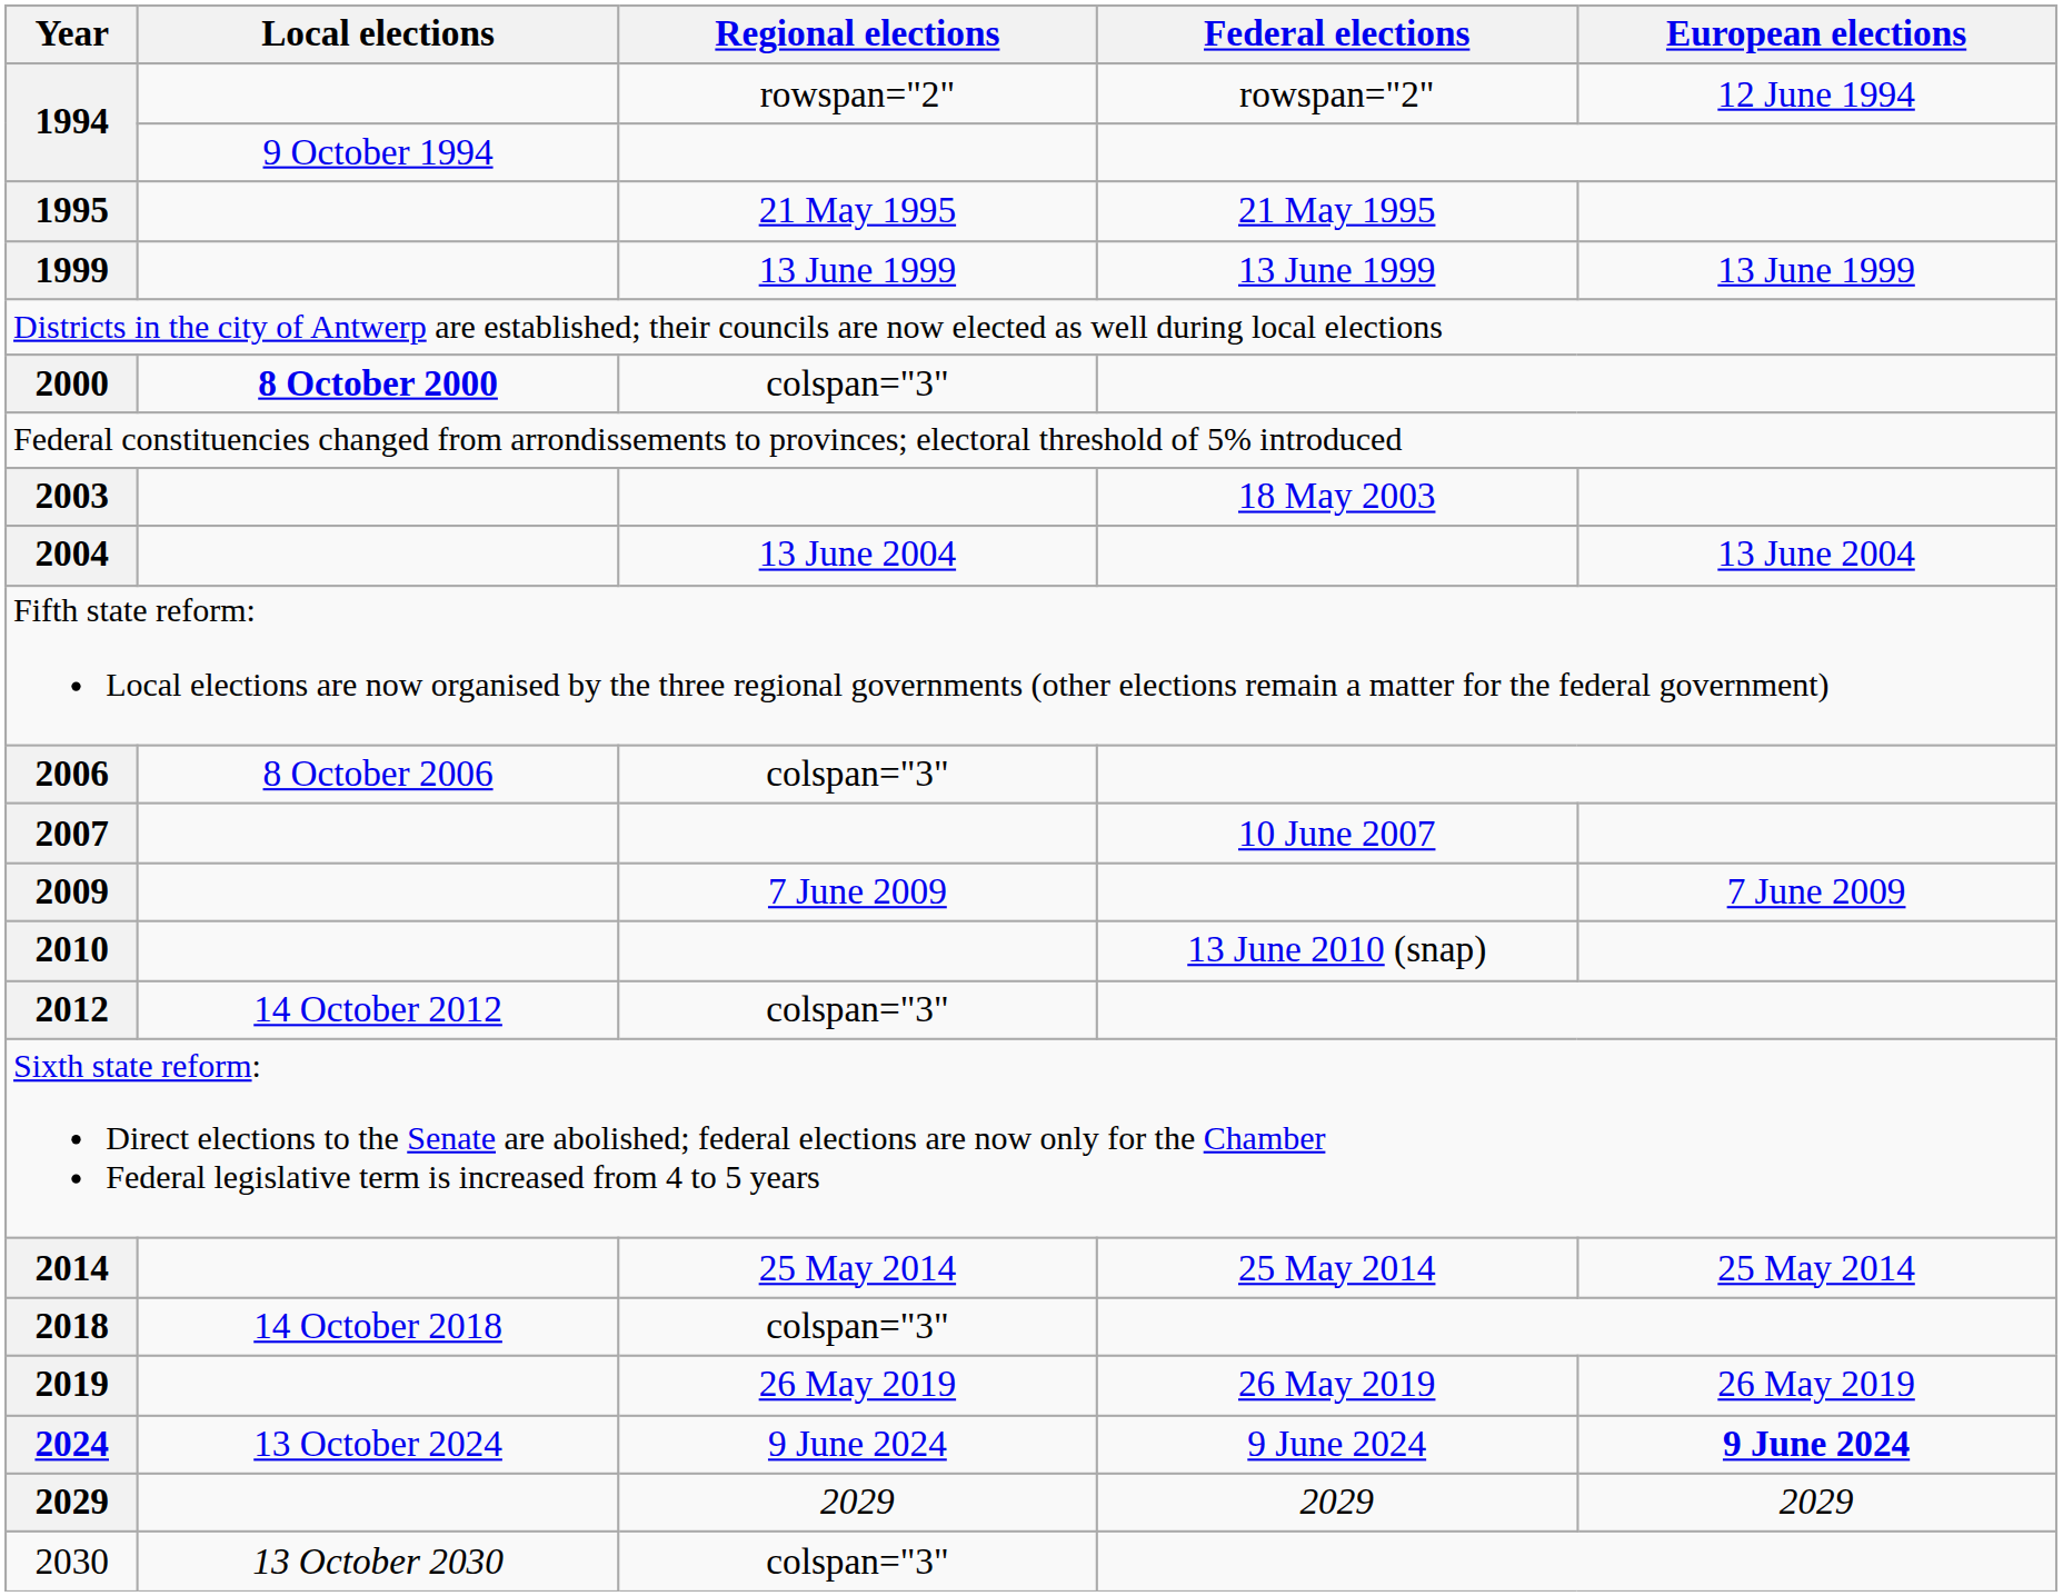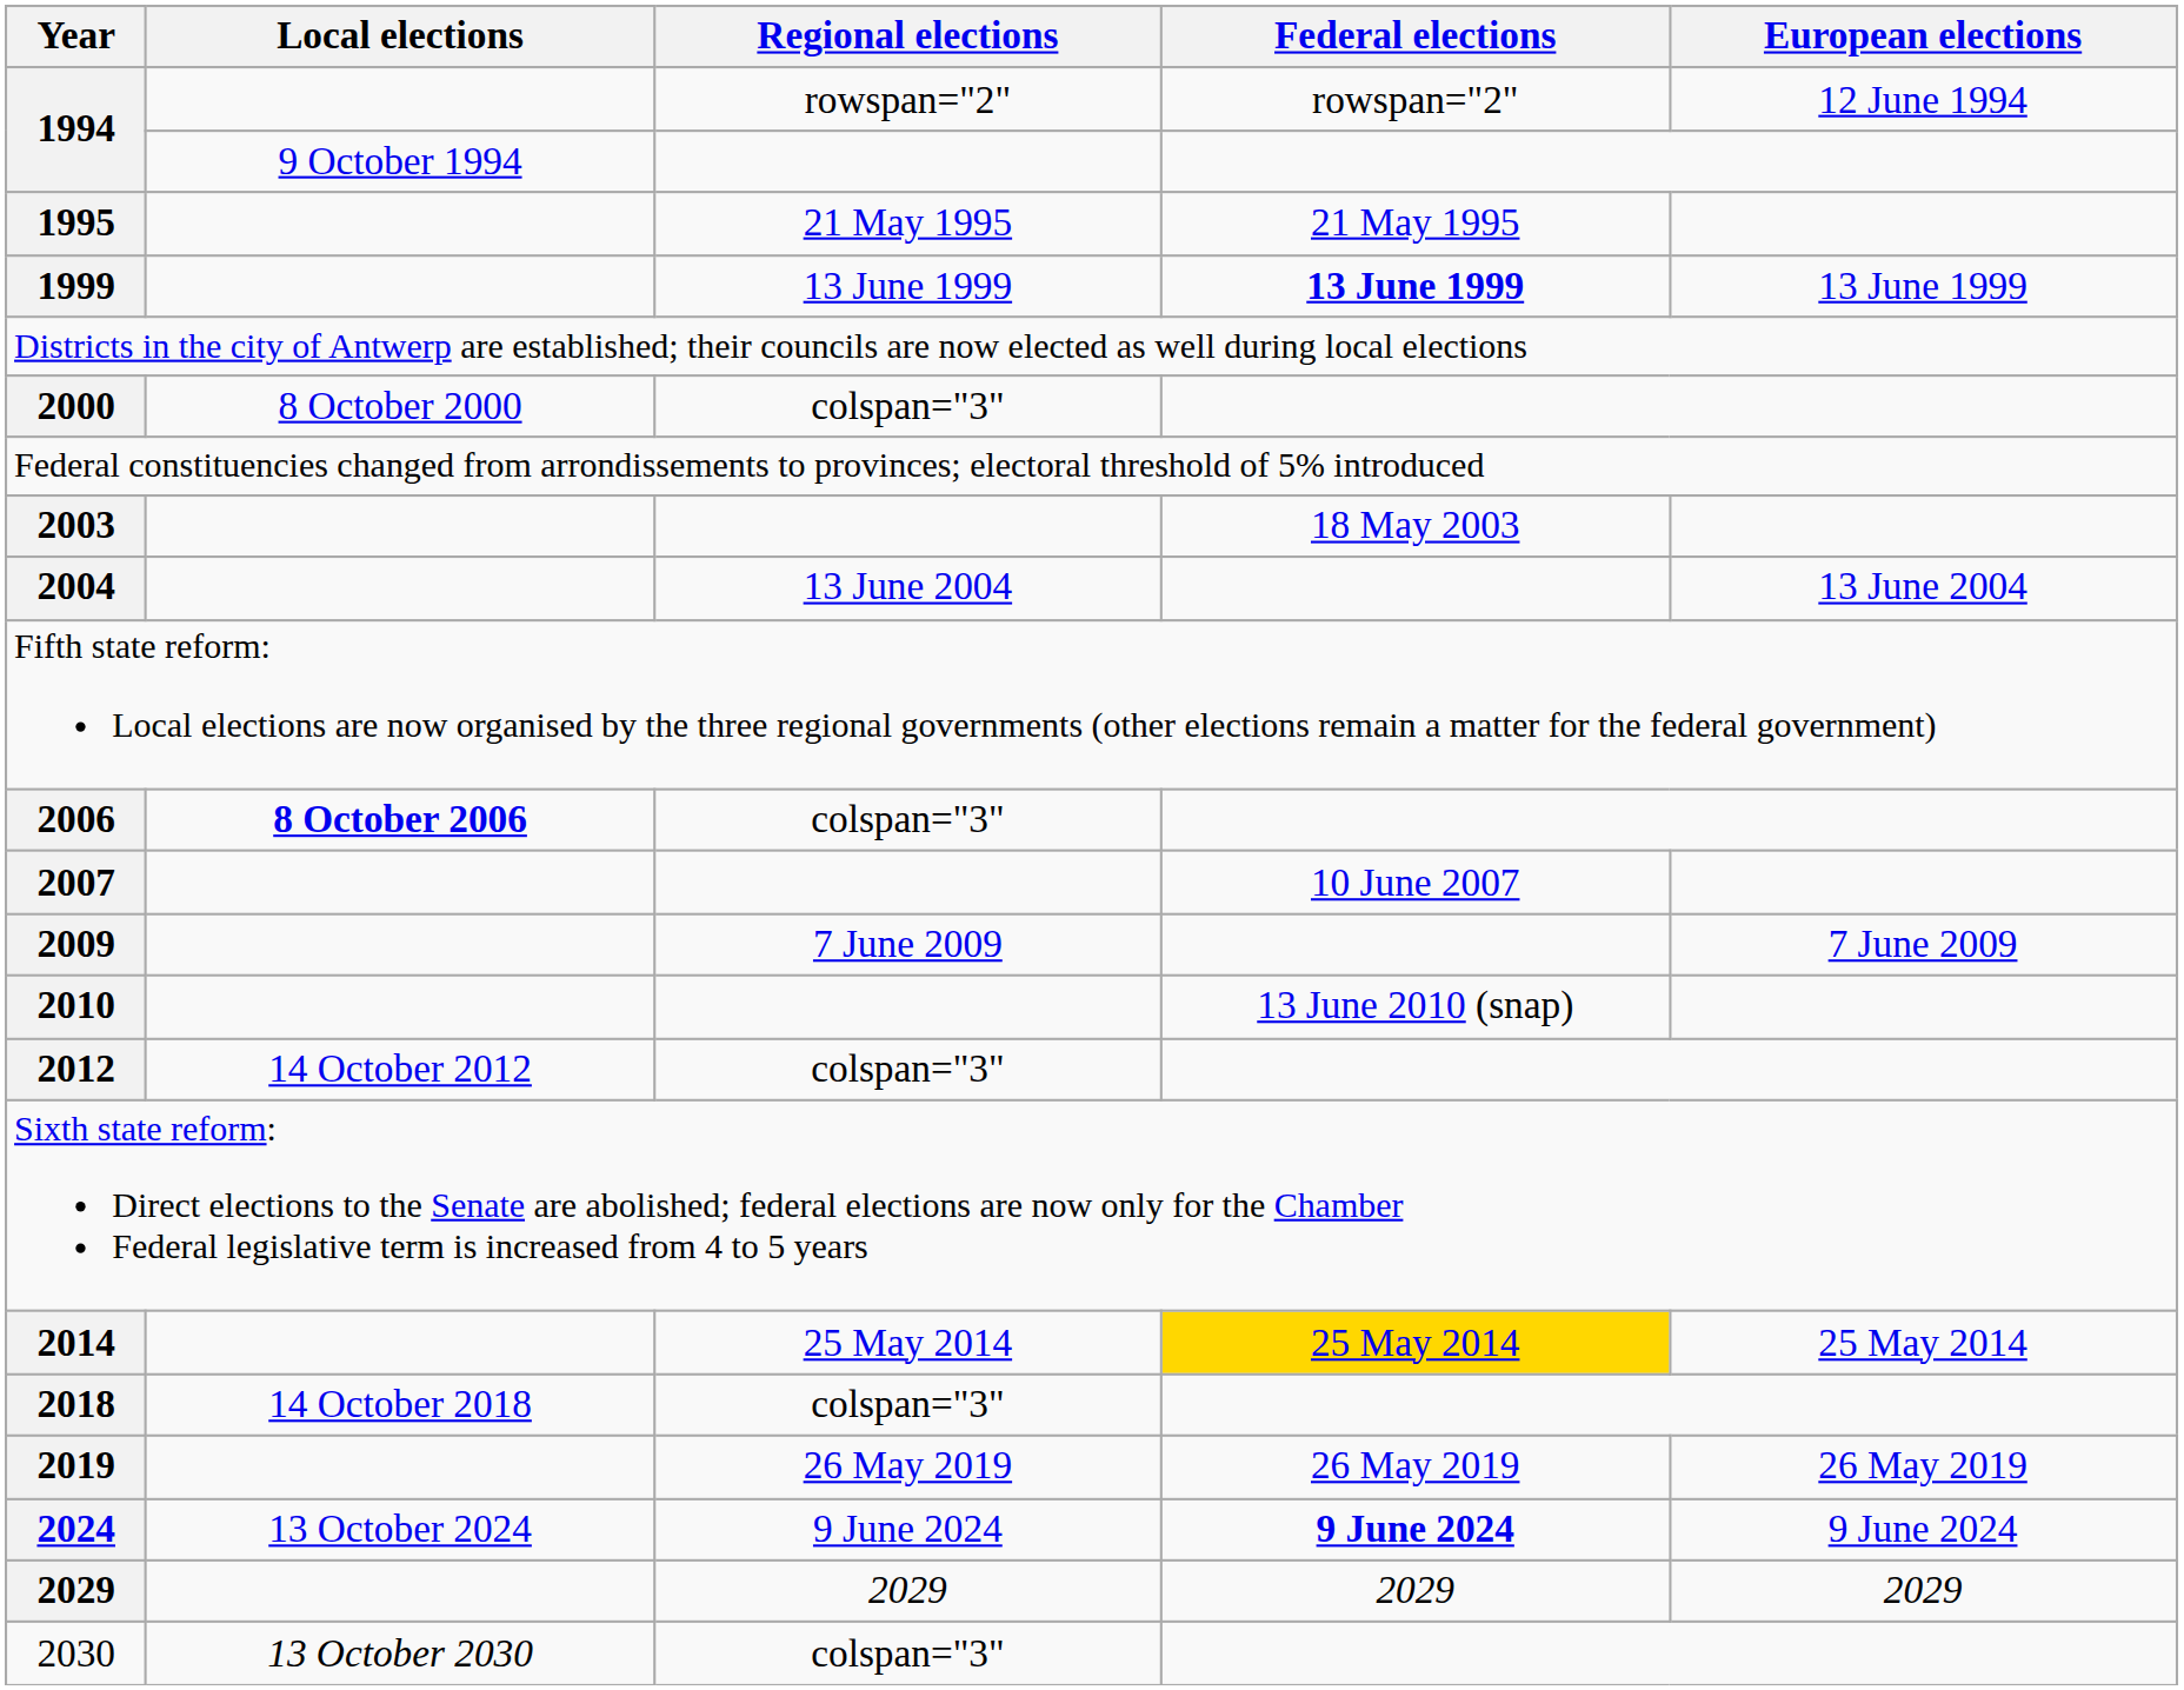 <table class="wikitable" style="text-align:center;">
 <tr>
 <th style="width:50px;">Year</th>
 <th style="width:200px;">Local elections</th>
 <th style="width:200px;"><a href='#'>Regional elections</a></th>
 <th style="width:200px;"><a href='#'>Federal elections</a></th>
 <th style="width:200px;"><a href='#'>European elections</a></th>
 </tr>
 <tr>
 <th rowspan="2">1994</th>
 <td></td>
 <td>rowspan="2" </td>
 <td>rowspan="2" </td>
 <td><a href='#'>12 June 1994</a></td>
 </tr>
 <tr>
 <td><a href='#'>9 October 1994</a></td>
 <td></td>
 </tr>
 <tr>
 <th>1995</th>
 <td></td>
 <td><a href='#'>21 May 1995</a></td>
 <td><a href='#'>21 May 1995</a></td>
 <td></td>
 </tr>
 <tr>
 <th>1999</th>
 <td></td>
 <td><a href='#'>13 June 1999</a></td>
-<td><a href='#'>13 June 1999</a></td>
+<td><strong><a href='#'>13 June 1999</a></strong></td>
 <td><a href='#'>13 June 1999</a></td>
 </tr>
 <tr>
 <td colspan="5" style="text-align:left;font-size:90%;"><a href='#'>Districts in the city of Antwerp</a> are established; their councils are now elected as well during local elections</td>
 </tr>
 <tr>
 <th>2000</th>
-<td><strong><a href='#'>8 October 2000</a></strong></td>
+<td><a href='#'>8 October 2000</a></td>
 <td>colspan="3" </td>
 </tr>
 <tr>
 <td colspan="5" style="text-align:left;font-size:90%;">Federal constituencies changed from arrondissements to provinces; electoral threshold of 5% introduced</td>
 </tr>
 <tr>
 <th>2003</th>
 <td></td>
 <td></td>
 <td><a href='#'>18 May 2003</a></td>
 <td></td>
 </tr>
 <tr>
 <th>2004</th>
 <td></td>
 <td><a href='#'>13 June 2004</a></td>
 <td></td>
 <td><a href='#'>13 June 2004</a></td>
 </tr>
 <tr>
 <td colspan="5" style="text-align:left;font-size:90%;">Fifth state reform:<br><ul><li>Local elections are now organised by the three regional governments (other elections remain a matter for the federal government)</li></ul></td>
 </tr>
 <tr>
 <th>2006</th>
-<td><a href='#'>8 October 2006</a></td>
+<td><strong><a href='#'>8 October 2006</a></strong></td>
 <td>colspan="3" </td>
 </tr>
 <tr>
 <th>2007</th>
 <td></td>
 <td></td>
 <td><a href='#'>10 June 2007</a></td>
 <td></td>
 </tr>
 <tr>
 <th>2009</th>
 <td></td>
 <td><a href='#'>7 June 2009</a></td>
 <td></td>
 <td><a href='#'>7 June 2009</a></td>
 </tr>
 <tr>
 <th>2010</th>
 <td></td>
 <td></td>
 <td><a href='#'>13 June 2010</a> (snap)</td>
 <td></td>
 </tr>
 <tr>
 <th>2012</th>
 <td><a href='#'>14 October 2012</a></td>
 <td>colspan="3" </td>
 </tr>
 <tr>
 <td colspan="5" style="text-align:left;font-size:90%;"><a href='#'>Sixth state reform</a>:<br><ul><li>Direct elections to the <a href='#'>Senate</a> are abolished; federal elections are now only for the <a href='#'>Chamber</a></li><li>Federal legislative term is increased from 4 to 5 years</li></ul></td>
 </tr>
 <tr>
 <th>2014</th>
 <td></td>
 <td><a href='#'>25 May 2014</a></td>
-<td><a href='#'>25 May 2014</a></td>
+<td style="background: gold;"><a href='#'>25 May 2014</a></td>
 <td><a href='#'>25 May 2014</a></td>
 </tr>
 <tr>
 <th>2018</th>
 <td><a href='#'>14 October 2018</a></td>
 <td>colspan="3" </td>
 </tr>
 <tr>
 <th>2019</th>
 <td></td>
 <td><a href='#'>26 May 2019</a></td>
 <td><a href='#'>26 May 2019</a></td>
 <td><a href='#'>26 May 2019</a></td>
 </tr>
 <tr>
 <th><a href='#'>2024</a></th>
 <td><a href='#'>13 October 2024</a></td>
 <td><a href='#'>9 June 2024</a></td>
+<td><strong><a href='#'>9 June 2024</a></strong></td>
 <td><a href='#'>9 June 2024</a></td>
-<td><strong><a href='#'>9 June 2024</a></strong></td>
 </tr>
 <tr>
 <th>2029</th>
 <td></td>
 <td><em>2029</em></td>
 <td><em>2029</em></td>
 <td><em>2029</em></td>
 </tr>
 <tr>
 <td>2030</td>
 <td><em>13 October 2030</em></td>
 <td>colspan="3" </td>
 </tr>
 </table>
